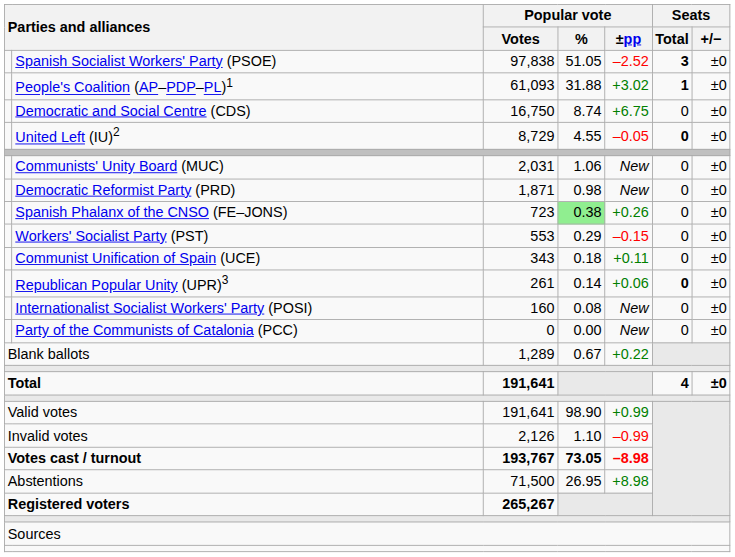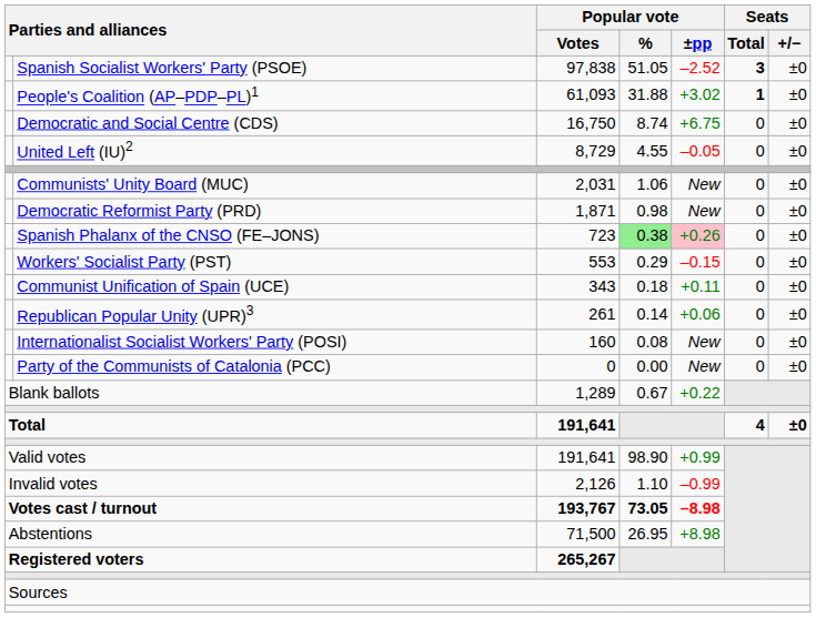 <table class="wikitable" style="text-align:right;">
 <tr>
 <th style="text-align:left;" rowspan="2" colspan="2" width="525">Parties and alliances</th>
 <th colspan="3">Popular vote</th>
 <th colspan="2">Seats</th>
 </tr>
 <tr>
 <th width="75">Votes</th>
 <th width="45">%</th>
 <th width="45">±<a href='#'>pp</a></th>
 <th width="35">Total</th>
 <th width="35">+/−</th>
 </tr>
 <tr>
 <td width="1" style="color:inherit;background:"></td>
 <td align="left"><a href='#'>Spanish Socialist Workers' Party</a> (PSOE)</td>
 <td>97,838</td>
 <td>51.05</td>
 <td style="color:red;">–2.52</td>
 <td><strong>3</strong></td>
 <td>±0</td>
 </tr>
 <tr>
 <td style="color:inherit;background:"></td>
 <td align="left"><a href='#'>People's Coalition</a> (<a href='#'>AP</a>–<a href='#'>PDP</a>–<a href='#'>PL</a>)<sup>1</sup></td>
 <td>61,093</td>
 <td>31.88</td>
 <td style="color:green;">+3.02</td>
 <td><strong>1</strong></td>
 <td>±0</td>
 </tr>
 <tr>
 <td style="color:inherit;background:"></td>
 <td align="left"><a href='#'>Democratic and Social Centre</a> (CDS)</td>
 <td>16,750</td>
 <td>8.74</td>
 <td style="color:green;">+6.75</td>
 <td>0</td>
 <td>±0</td>
 </tr>
 <tr>
 <td style="color:inherit;background:"></td>
 <td align="left"><a href='#'>United Left</a> (IU)<sup>2</sup></td>
 <td>8,729</td>
 <td>4.55</td>
 <td style="color:red;">–0.05</td>
-<td><strong>0</strong></td>
+<td>0</td>
 <td>±0</td>
 </tr>
 <tr>
 <td colspan="7" bgcolor="#C0C0C0"></td>
 </tr>
 <tr>
 <td style="color:inherit;background:"></td>
 <td align="left"><a href='#'>Communists' Unity Board</a> (MUC)</td>
 <td>2,031</td>
 <td>1.06</td>
 <td><em>New</em></td>
 <td>0</td>
 <td>±0</td>
 </tr>
 <tr>
 <td style="color:inherit;background:"></td>
 <td align="left"><a href='#'>Democratic Reformist Party</a> (PRD)</td>
 <td>1,871</td>
 <td>0.98</td>
 <td><em>New</em></td>
 <td>0</td>
 <td>±0</td>
 </tr>
 <tr>
 <td style="color:inherit;background:"></td>
 <td align="left"><a href='#'>Spanish Phalanx of the CNSO</a> (FE–JONS)</td>
 <td>723</td>
 <td style="background: lightgreen;">0.38</td>
-<td style="color:green;">+0.26</td>
+<td style="background: pink; color:green;">+0.26</td>
 <td>0</td>
 <td>±0</td>
 </tr>
 <tr>
 <td style="color:inherit;background:"></td>
 <td align="left"><a href='#'>Workers' Socialist Party</a> (PST)</td>
 <td>553</td>
 <td>0.29</td>
 <td style="color:red;">–0.15</td>
 <td>0</td>
 <td>±0</td>
 </tr>
 <tr>
 <td style="color:inherit;background:"></td>
 <td align="left"><a href='#'>Communist Unification of Spain</a> (UCE)</td>
 <td>343</td>
 <td>0.18</td>
 <td style="color:green;">+0.11</td>
 <td>0</td>
 <td>±0</td>
 </tr>
 <tr>
 <td style="color:inherit;background:"></td>
 <td align="left"><a href='#'>Republican Popular Unity</a> (UPR)<sup>3</sup></td>
 <td>261</td>
 <td>0.14</td>
 <td style="color:green;">+0.06</td>
-<td><strong>0</strong></td>
+<td>0</td>
 <td>±0</td>
 </tr>
 <tr>
 <td style="color:inherit;background:"></td>
 <td align="left"><a href='#'>Internationalist Socialist Workers' Party</a> (POSI)</td>
 <td>160</td>
 <td>0.08</td>
 <td><em>New</em></td>
 <td>0</td>
 <td>±0</td>
 </tr>
 <tr>
 <td style="color:inherit;background:"></td>
 <td align="left"><a href='#'>Party of the Communists of Catalonia</a> (PCC)</td>
 <td>0</td>
 <td>0.00</td>
 <td><em>New</em></td>
 <td>0</td>
 <td>±0</td>
 </tr>
 <tr>
 <td align="left" colspan="2">Blank ballots</td>
 <td>1,289</td>
 <td>0.67</td>
 <td style="color:green;">+0.22</td>
 <td bgcolor="#E9E9E9" colspan="2"></td>
 </tr>
 <tr>
 <td colspan="7" bgcolor="#E9E9E9"></td>
 </tr>
 <tr style="font-weight:bold;">
 <td align="left" colspan="2">Total</td>
 <td>191,641</td>
 <td bgcolor="#E9E9E9" colspan="2"></td>
 <td>4</td>
 <td>±0</td>
 </tr>
 <tr>
 <td colspan="7" bgcolor="#E9E9E9"></td>
 </tr>
 <tr>
 <td align="left" colspan="2">Valid votes</td>
 <td>191,641</td>
 <td>98.90</td>
 <td style="color:green;">+0.99</td>
 <td bgcolor="#E9E9E9" colspan="2" rowspan="5"></td>
 </tr>
 <tr>
 <td align="left" colspan="2">Invalid votes</td>
 <td>2,126</td>
 <td>1.10</td>
 <td style="color:red;">–0.99</td>
 </tr>
 <tr style="font-weight:bold;">
 <td align="left" colspan="2">Votes cast / turnout</td>
 <td>193,767</td>
 <td>73.05</td>
 <td style="color:red;">–8.98</td>
 </tr>
 <tr>
 <td align="left" colspan="2">Abstentions</td>
 <td>71,500</td>
 <td>26.95</td>
 <td style="color:green;">+8.98</td>
 </tr>
 <tr style="font-weight:bold;">
 <td align="left" colspan="2">Registered voters</td>
 <td>265,267</td>
 <td bgcolor="#E9E9E9" colspan="2"></td>
 </tr>
 <tr>
 <td colspan="7" bgcolor="#E9E9E9"></td>
 </tr>
 <tr>
 <td align="left" colspan="7">Sources</td>
 </tr>
 <tr>
 <td colspan="7" style="text-align:left; max-width:790px;"></td>
 </tr>
 </table>
